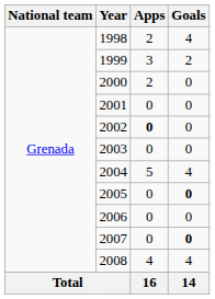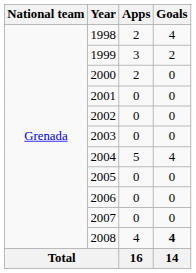 <table class="wikitable" style="text-align:center">
 <tr>
 <th>National team</th>
 <th>Year</th>
 <th>Apps</th>
 <th>Goals</th>
 </tr>
 <tr>
 <td rowspan="11"><a href='#'>Grenada</a></td>
 <td>1998</td>
 <td>2</td>
 <td>4</td>
 </tr>
 <tr>
 <td>1999</td>
 <td>3</td>
 <td>2</td>
 </tr>
 <tr>
 <td>2000</td>
 <td>2</td>
 <td>0</td>
 </tr>
 <tr>
 <td>2001</td>
 <td>0</td>
 <td>0</td>
 </tr>
 <tr>
 <td>2002</td>
-<td><strong>0</strong></td>
+<td>0</td>
 <td>0</td>
 </tr>
 <tr>
 <td>2003</td>
 <td>0</td>
 <td>0</td>
 </tr>
 <tr>
 <td>2004</td>
 <td>5</td>
 <td>4</td>
 </tr>
 <tr>
 <td>2005</td>
 <td>0</td>
-<td><strong>0</strong></td>
+<td>0</td>
 </tr>
 <tr>
 <td>2006</td>
 <td>0</td>
 <td>0</td>
 </tr>
 <tr>
 <td>2007</td>
 <td>0</td>
-<td><strong>0</strong></td>
+<td>0</td>
 </tr>
 <tr>
 <td>2008</td>
 <td>4</td>
-<td>4</td>
+<td><strong>4</strong></td>
 </tr>
 <tr>
 <th colspan="2">Total</th>
 <th>16</th>
 <th>14</th>
 </tr>
 </table>
